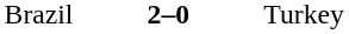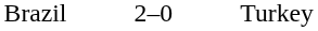 <table style="text-align:center">
 <tr>
 <th width=200></th>
 <th width=100></th>
 <th width=200></th>
 </tr>
 <tr>
 <td align=right>Brazil</td>
-<td><strong>2–0</strong></td>
+<td>2–0</td>
 <td align=left>Turkey</td>
 </tr>
 <tr>
 </tr>
 </table>
